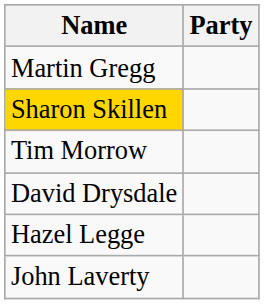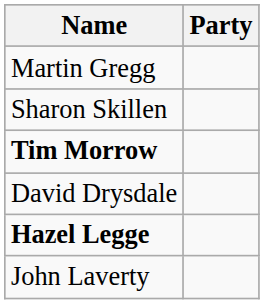 <table class="wikitable">
 <tr>
 <th>Name</th>
 <th colspan=2>Party</th>
 </tr>
 <tr>
 <td>Martin Gregg</td>
 <td></td>
 </tr>
 <tr>
-<td style="background: gold;">Sharon Skillen</td>
+<td>Sharon Skillen</td>
 <td></td>
 </tr>
 <tr>
-<td>Tim Morrow</td>
+<td><strong>Tim Morrow</strong></td>
 <td></td>
 </tr>
 <tr>
 <td>David Drysdale</td>
 <td></td>
 </tr>
 <tr>
-<td>Hazel Legge</td>
+<td><strong>Hazel Legge</strong></td>
 <td></td>
 </tr>
 <tr>
 <td>John Laverty</td>
 <td></td>
 </tr>
 </table>
